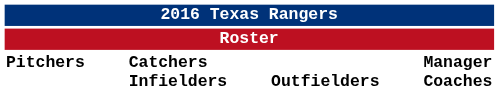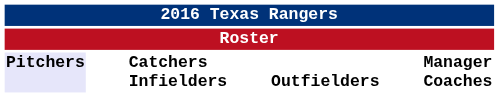 <table class="toccolours" style="font-size: 95%;">
 <tr>
 <th colspan="10" style="background:#003279; color:#fff; text-align:center;">2016 Texas Rangers</th>
 </tr>
 <tr>
 <td colspan="10" style="background:#bd1021; color:white; text-align:center;"><strong>Roster</strong></td>
 </tr>
 <tr>
-<td valign="top"><strong>Pitchers</strong><br>                            </td>
+<td valign="top" style="background: lavender;"><strong>Pitchers</strong><br>                            </td>
 <td style="width:25px;"></td>
 <td valign="top"><strong>Catchers</strong><br>     <strong>Infielders</strong>        </td>
 <td width="25px"></td>
 <td valign="top"><br><strong>Outfielders</strong>          </td>
 <td style="width:25px;"></td>
 <td valign="top"><strong>Manager</strong><br> <strong>Coaches</strong>                      </td>
 </tr>
 </table>
